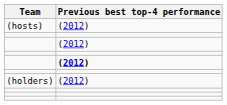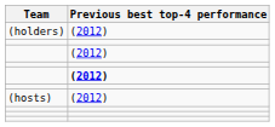 <table class="wikitable sortable">
 <tr>
 <th>Team</th>
 <th>Previous best top-4 performance</th>
 </tr>
 <tr>
-<td> (hosts)</td>
+<td> (holders)</td>
 <td> (<a href='#'>2012</a>)</td>
 </tr>
 <tr>
 <td></td>
 <td></td>
 </tr>
 <tr>
 <td></td>
 <td> (<a href='#'>2012</a>)</td>
 </tr>
 <tr>
 <td></td>
 <td></td>
 </tr>
 <tr>
 <td></td>
 <td><strong> (<a href='#'>2012</a>)</strong></td>
 </tr>
 <tr>
 <td></td>
 <td></td>
 </tr>
 <tr>
-<td> (holders)</td>
+<td> (hosts)</td>
 <td> (<a href='#'>2012</a>)</td>
 </tr>
 <tr>
 <td></td>
 <td></td>
 </tr>
 <tr>
 <td></td>
 <td></td>
 </tr>
 <tr>
 <td></td>
 <td></td>
 </tr>
 </table>
